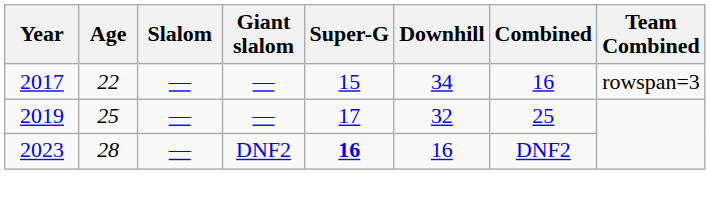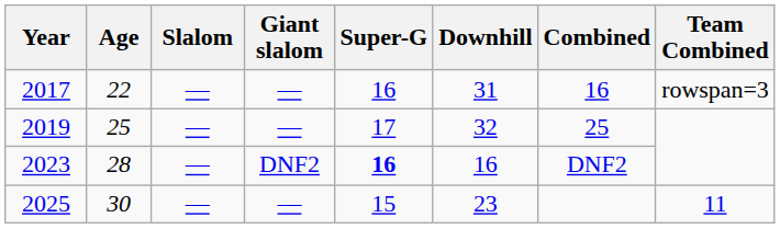 <table class=wikitable style="text-align:center">
 <tr>
 <th>  Year  </th>
 <th> Age </th>
 <th> Slalom </th>
 <th> Giant <br> slalom </th>
 <th>Super-G</th>
 <th>Downhill</th>
 <th>Combined</th>
 <th>Team<br>Combined </th>
 </tr>
 <tr>
 <td><a href='#'>2017</a></td>
 <td><em>22</em></td>
 <td><a href='#'>—</a></td>
 <td><a href='#'>—</a></td>
-<td><a href='#'>15</a></td>
-<td><a href='#'>34</a></td>
+<td><a href='#'>16</a></td>
+<td><a href='#'>31</a></td>
 <td><a href='#'>16</a></td>
 <td>rowspan=3</td>
 </tr>
 <tr>
 <td><a href='#'>2019</a></td>
 <td><em>25</em></td>
 <td><a href='#'>—</a></td>
 <td><a href='#'>—</a></td>
 <td><a href='#'>17</a></td>
 <td><a href='#'>32</a></td>
 <td><a href='#'>25</a></td>
 </tr>
 <tr>
 <td><a href='#'>2023</a></td>
 <td><em>28</em></td>
 <td><a href='#'>—</a></td>
 <td><a href='#'>DNF2</a></td>
 <td><strong><a href='#'>16</a></strong></td>
 <td><a href='#'>16</a></td>
 <td><a href='#'>DNF2</a></td>
 </tr>
+<tr>
+<td><a href='#'>2025</a></td>
+<td><em>30</em></td>
+<td><a href='#'>—</a></td>
+<td><a href='#'>—</a></td>
+<td><a href='#'>15</a></td>
+<td><a href='#'>23</a></td>
+<td></td>
+<td><a href='#'>11</a></td>
+</tr>
 </table>
